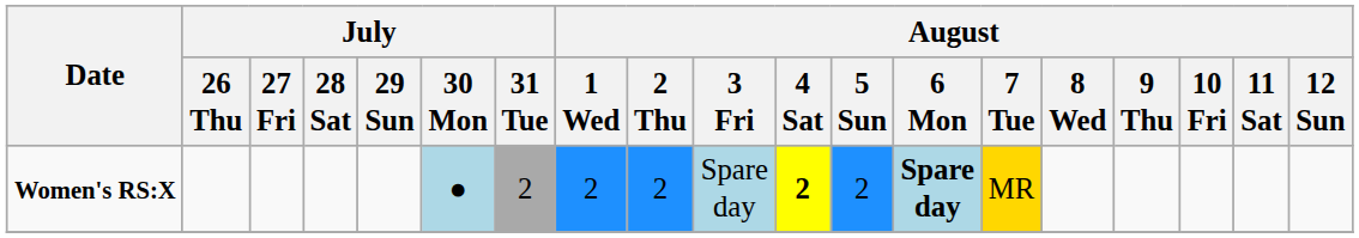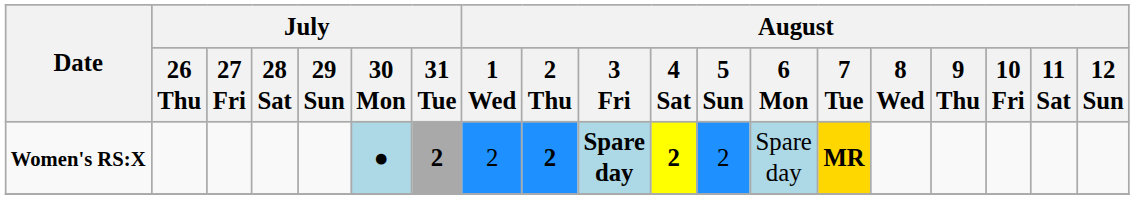 <table class="wikitable" style="margin:0.5em auto; font-size:90%; line-height:1.25em;">
 <tr>
 <th rowspan=2>Date</th>
 <th colspan=6>July</th>
 <th colspan=12>August</th>
 </tr>
 <tr>
 <th>26<br>Thu</th>
 <th>27<br>Fri</th>
 <th>28<br>Sat</th>
 <th>29<br>Sun</th>
 <th>30<br>Mon</th>
 <th>31<br>Tue</th>
 <th>1<br>Wed</th>
 <th>2<br>Thu</th>
 <th>3<br>Fri</th>
 <th>4<br>Sat</th>
 <th>5<br>Sun</th>
 <th>6<br>Mon</th>
 <th>7<br>Tue</th>
 <th>8<br>Wed</th>
 <th>9<br>Thu</th>
 <th>10<br>Fri</th>
 <th>11<br>Sat</th>
 <th>12<br>Sun</th>
 </tr>
 <tr align="center">
 <td align="right"><small><strong>Women's RS:X</strong></small></td>
 <td></td>
 <td></td>
 <td></td>
 <td></td>
 <td bgcolor=LightBlue><span> ● </span></td>
-<td bgcolor=DarkGrey><span> 2 </span></td>
+<td bgcolor=DarkGrey><strong><span> 2 </span></strong></td>
 <td bgcolor=DodgerBlue><span> 2 </span></td>
+<td bgcolor=DodgerBlue><strong><span> 2 </span></strong></td>
+<td bgcolor=LightBlue><strong><span> Spare<br>day </span></strong></td>
+<td bgcolor=Yellow><strong><span> 2 </span></strong></td>
 <td bgcolor=DodgerBlue><span> 2 </span></td>
 <td bgcolor=LightBlue><span> Spare<br>day </span></td>
-<td bgcolor=Yellow><strong><span> 2 </span></strong></td>
-<td bgcolor=DodgerBlue><span> 2 </span></td>
-<td bgcolor=LightBlue><strong><span> Spare<br>day </span></strong></td>
-<td bgcolor=Gold><span> MR </span></td>
+<td bgcolor=Gold><strong><span> MR </span></strong></td>
 <td></td>
 <td></td>
 <td></td>
 <td></td>
 <td></td>
 </tr>
 <tr>
 </tr>
 </table>
